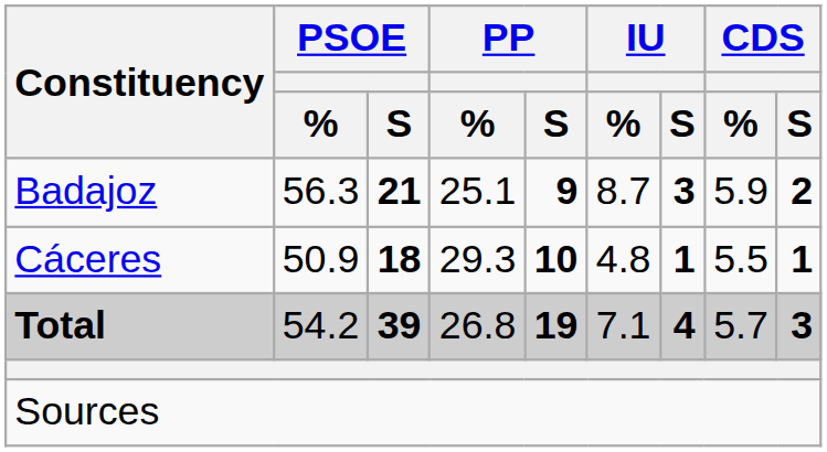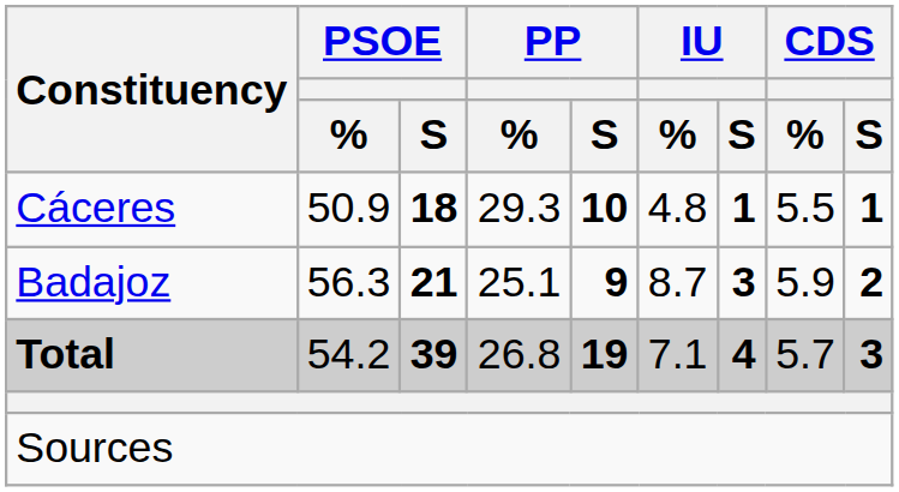 <table class="wikitable sortable" style="text-align:right; line-height:20px;">
 <tr>
 <th rowspan="3">Constituency</th>
 <th colspan="2" width="30px" class="unsortable"><a href='#'>PSOE</a></th>
 <th colspan="2" width="30px" class="unsortable"><a href='#'>PP</a></th>
 <th colspan="2" width="30px" class="unsortable"><a href='#'>IU</a></th>
 <th colspan="2" width="30px" class="unsortable"><a href='#'>CDS</a></th>
 </tr>
 <tr>
 <th colspan="2" style="background:"></th>
 <th colspan="2" style="background:"></th>
 <th colspan="2" style="background:"></th>
 <th colspan="2" style="background:"></th>
 </tr>
 <tr>
 <th data-sort-type="number">%</th>
 <th data-sort-type="number">S</th>
 <th data-sort-type="number">%</th>
 <th data-sort-type="number">S</th>
 <th data-sort-type="number">%</th>
 <th data-sort-type="number">S</th>
 <th data-sort-type="number">%</th>
 <th data-sort-type="number">S</th>
 </tr>
 <tr>
+<td align="left"><a href='#'>Cáceres</a></td>
+<td style="background:">50.9</td>
+<td><strong>18</strong></td>
+<td>29.3</td>
+<td><strong>10</strong></td>
+<td>4.8</td>
+<td><strong>1</strong></td>
+<td>5.5</td>
+<td><strong>1</strong></td>
+</tr>
+<tr>
 <td align="left"><a href='#'>Badajoz</a></td>
 <td style="background:">56.3</td>
 <td><strong>21</strong></td>
 <td>25.1</td>
 <td><strong>9</strong></td>
 <td>8.7</td>
 <td><strong>3</strong></td>
 <td>5.9</td>
 <td><strong>2</strong></td>
-</tr>
-<tr>
-<td align="left"><a href='#'>Cáceres</a></td>
-<td style="background:">50.9</td>
-<td><strong>18</strong></td>
-<td>29.3</td>
-<td><strong>10</strong></td>
-<td>4.8</td>
-<td><strong>1</strong></td>
-<td>5.5</td>
-<td><strong>1</strong></td>
 </tr>
 <tr style="background:#CDCDCD;">
 <td align="left"><strong>Total</strong></td>
 <td style="background:">54.2</td>
 <td><strong>39</strong></td>
 <td>26.8</td>
 <td><strong>19</strong></td>
 <td>7.1</td>
 <td><strong>4</strong></td>
 <td>5.7</td>
 <td><strong>3</strong></td>
 </tr>
 <tr>
 <th colspan="9"></th>
 </tr>
 <tr>
 <th style="text-align:left; font-weight:normal; background:#F9F9F9" colspan="9">Sources</th>
 </tr>
 </table>
